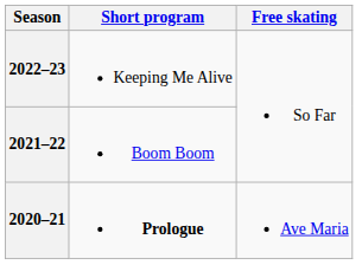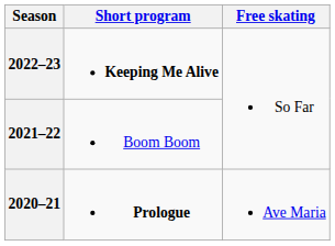 <table class=wikitable style=text-align:center>
 <tr>
 <th>Season</th>
 <th><a href='#'>Short program</a></th>
 <th><a href='#'>Free skating</a></th>
 </tr>
 <tr>
 <th>2022–23 <br> </th>
-<td><br><ul><li>Keeping Me Alive <br> </li></ul></td>
+<td><strong><br><ul><li>Keeping Me Alive <br> </li></ul></strong></td>
 <td rowspan="2"><br><ul><li>So Far <br> </li></ul></td>
 </tr>
 <tr>
 <th>2021–22 <br> </th>
 <td><br><ul><li><a href='#'>Boom Boom</a> <br> </li></ul></td>
 </tr>
 <tr>
 <th>2020–21 <br> </th>
 <td><strong><br><ul><li>Prologue <br> </li></ul></strong></td>
 <td><br><ul><li><a href='#'>Ave Maria</a> <br> </li></ul></td>
 </tr>
 </table>
